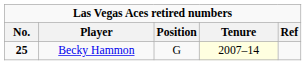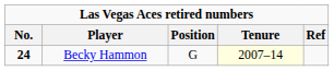 <table class="wikitable sortable" style="text-align:center">
 <tr>
 <td colspan="5"><strong>Las Vegas Aces retired numbers</strong></td>
 </tr>
 <tr>
 <th style="width:40px; ">No.</th>
 <th style="width:150px; ">Player</th>
 <th style="width:40px; ">Position</th>
 <th style="width:100px; ">Tenure</th>
 <th style="width:20px; ">Ref</th>
 </tr>
 <tr>
-<td><strong>25</strong></td>
+<td><strong>24</strong></td>
 <td><a href='#'>Becky Hammon</a> </td>
 <td>G</td>
 <td style="background: lightyellow;">2007–14</td>
 <td></td>
 </tr>
 </table>
